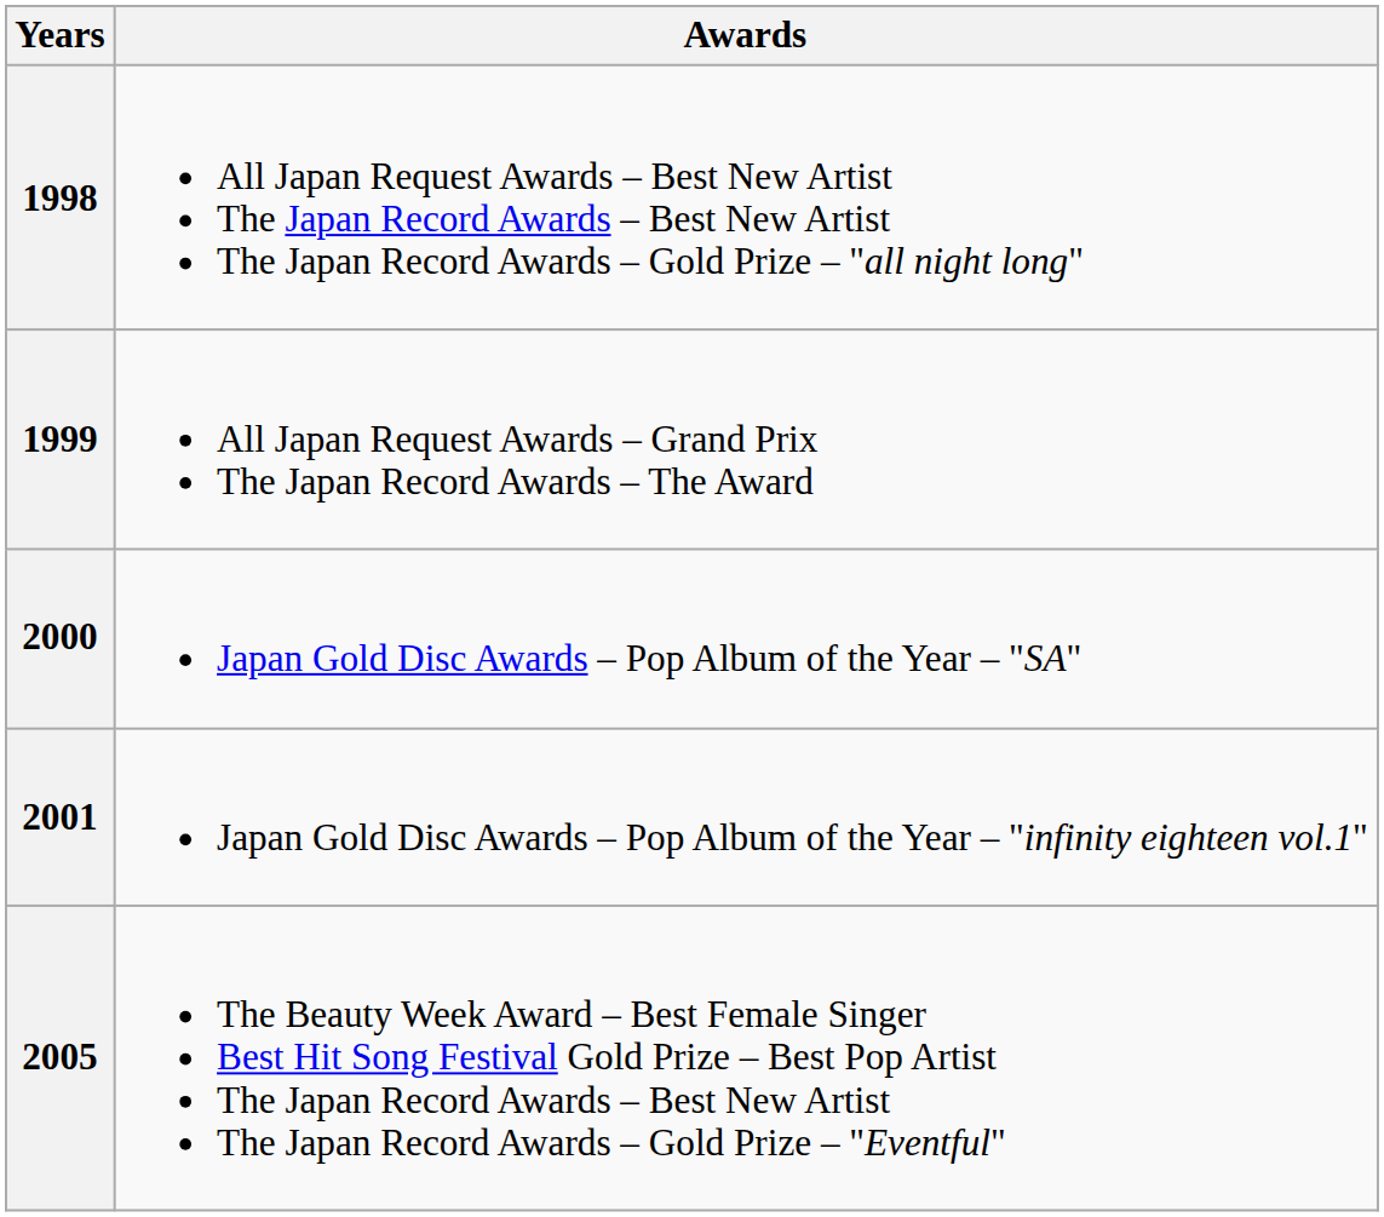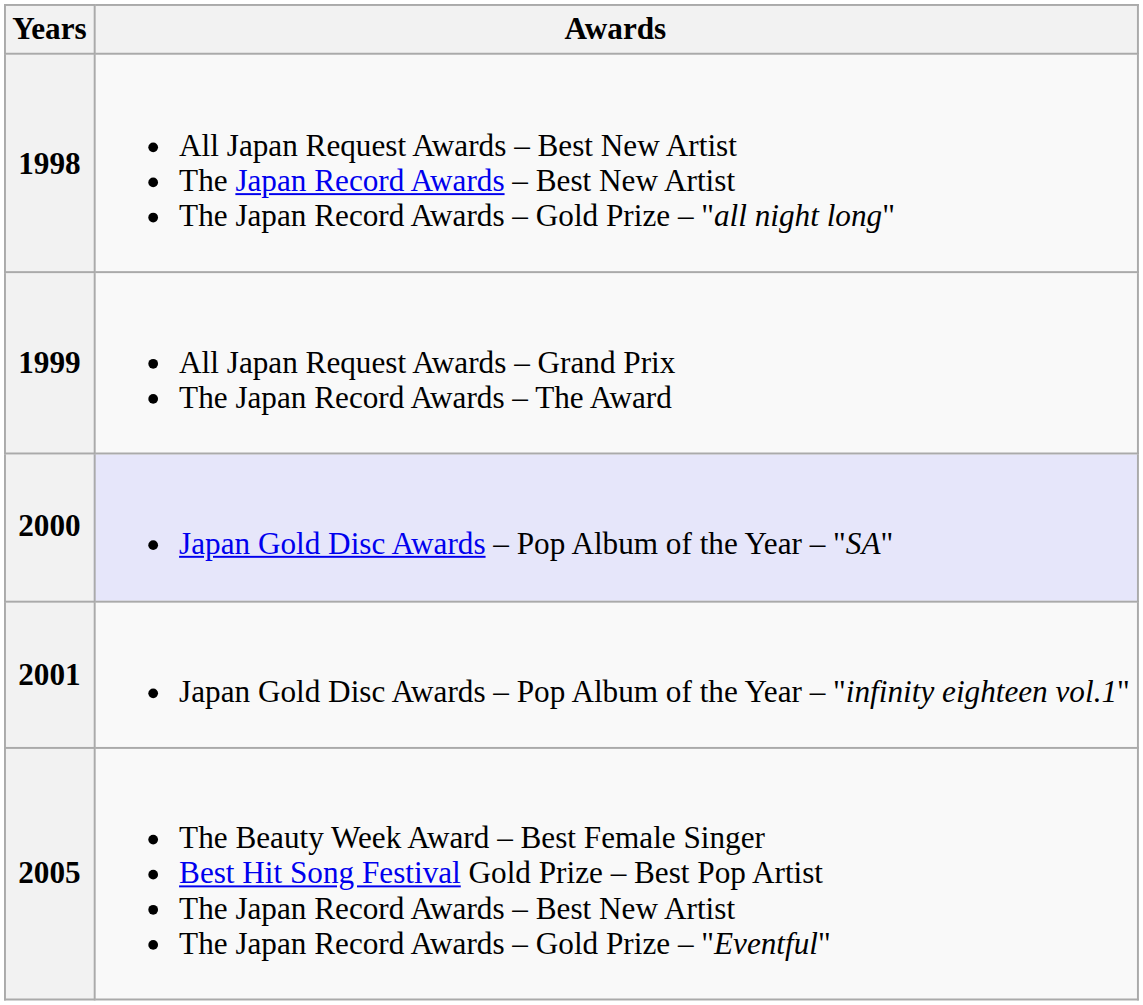 <table class="wikitable">
 <tr>
 <th>Years</th>
 <th>Awards</th>
 </tr>
 <tr>
 <th>1998</th>
 <td><br><ul><li>All Japan Request Awards – Best New Artist</li><li>The <a href='#'>Japan Record Awards</a> – Best New Artist</li><li>The Japan Record Awards – Gold Prize – "<em>all night long</em>"</li></ul></td>
 </tr>
 <tr>
 <th>1999</th>
 <td><br><ul><li>All Japan Request Awards – Grand Prix</li><li>The Japan Record Awards – The Award</li></ul></td>
 </tr>
 <tr>
 <th>2000</th>
-<td><br><ul><li><a href='#'>Japan Gold Disc Awards</a> – Pop Album of the Year – "<em>SA</em>"</li></ul></td>
+<td style="background: lavender;"><br><ul><li><a href='#'>Japan Gold Disc Awards</a> – Pop Album of the Year – "<em>SA</em>"</li></ul></td>
 </tr>
 <tr>
 <th>2001</th>
 <td><br><ul><li>Japan Gold Disc Awards – Pop Album of the Year – "<em>infinity eighteen vol.1</em>"</li></ul></td>
 </tr>
 <tr>
 <th>2005</th>
 <td><br><ul><li>The Beauty Week Award – Best Female Singer</li><li><a href='#'>Best Hit Song Festival</a> Gold Prize – Best Pop Artist</li><li>The Japan Record Awards – Best New Artist</li><li>The Japan Record Awards – Gold Prize – "<em>Eventful</em>"</li></ul></td>
 </tr>
 </table>
